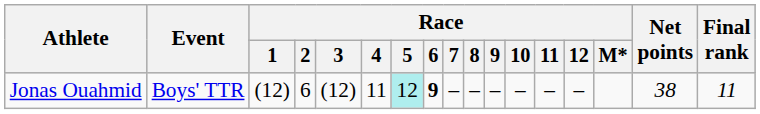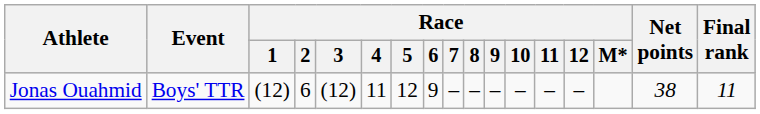 <table class="wikitable" style="text-align:center;font-size:90%">
 <tr>
 <th rowspan=2>Athlete</th>
 <th rowspan=2>Event</th>
 <th colspan=13>Race</th>
 <th rowspan=2>Net<br>points</th>
 <th rowspan=2>Final <br>rank</th>
 </tr>
 <tr style="font-size:95%">
 <th>1</th>
 <th>2</th>
 <th>3</th>
 <th>4</th>
 <th>5</th>
 <th>6</th>
 <th>7</th>
 <th>8</th>
 <th>9</th>
 <th>10</th>
 <th>11</th>
 <th>12</th>
 <th>M*</th>
 </tr>
 <tr>
 <td align=left><a href='#'>Jonas Ouahmid</a></td>
 <td align=left><a href='#'>Boys' TTR</a></td>
 <td>(12)</td>
 <td>6</td>
 <td>(12)</td>
 <td>11</td>
-<td style="background: paleturquoise;">12</td>
-<td><strong>9</strong></td>
+<td>12</td>
+<td>9</td>
 <td>–</td>
 <td>–</td>
 <td>–</td>
 <td>–</td>
 <td>–</td>
 <td>–</td>
 <td></td>
 <td><em>38</em></td>
 <td><em>11</em></td>
 </tr>
 </table>
